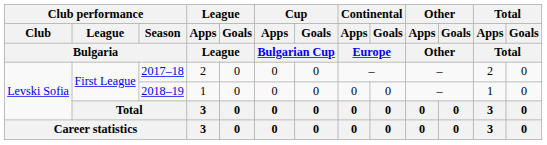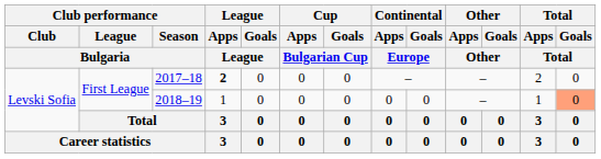 <table class="wikitable" style="text-align: center">
 <tr>
 <th Colspan="3">Club performance</th>
 <th Colspan="2">League</th>
 <th Colspan="2">Cup</th>
 <th Colspan="2">Continental</th>
 <th Colspan="2">Other</th>
 <th Colspan="3">Total</th>
 </tr>
 <tr>
 <th>Club</th>
 <th>League</th>
 <th>Season</th>
 <th>Apps</th>
 <th>Goals</th>
 <th>Apps</th>
 <th>Goals</th>
 <th>Apps</th>
 <th>Goals</th>
 <th>Apps</th>
 <th>Goals</th>
 <th>Apps</th>
 <th>Goals</th>
 </tr>
 <tr>
 <th Colspan="3">Bulgaria</th>
 <th Colspan="2">League</th>
 <th Colspan="2"><a href='#'>Bulgarian Cup</a></th>
 <th Colspan="2"><a href='#'>Europe</a></th>
 <th Colspan="2">Other</th>
 <th Colspan="2">Total</th>
 </tr>
 <tr>
 <td rowspan="3" valign="center"><a href='#'>Levski Sofia</a></td>
 <td rowspan="2"><a href='#'>First League</a></td>
 <td><a href='#'>2017–18</a></td>
-<td>2</td>
+<td><strong>2</strong></td>
 <td>0</td>
 <td>0</td>
 <td>0</td>
 <td colspan="2">–</td>
 <td colspan="2">–</td>
 <td>2</td>
 <td>0</td>
 </tr>
 <tr>
 <td><a href='#'>2018–19</a></td>
 <td>1</td>
 <td>0</td>
 <td>0</td>
 <td>0</td>
 <td>0</td>
 <td>0</td>
 <td colspan="2">–</td>
 <td>1</td>
-<td>0</td>
+<td style="background: lightsalmon;">0</td>
 </tr>
 <tr>
 <th colspan=2>Total</th>
 <th>3</th>
 <th>0</th>
 <th>0</th>
 <th>0</th>
 <th>0</th>
 <th>0</th>
 <th>0</th>
 <th>0</th>
 <th>3</th>
 <th>0</th>
 </tr>
 <tr>
 <th colspan="3">Career statistics</th>
 <th>3</th>
 <th>0</th>
 <th>0</th>
 <th>0</th>
 <th>0</th>
 <th>0</th>
 <th>0</th>
 <th>0</th>
 <th>3</th>
 <th>0</th>
 </tr>
 </table>
